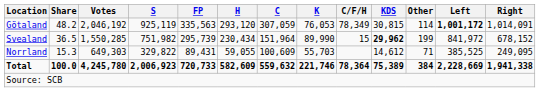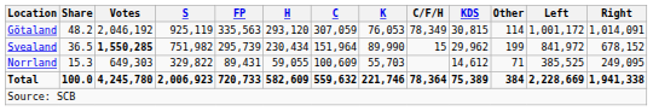 <table class="wikitable sortable" style=text-align:right>
 <tr>
 <th>Location</th>
 <th>Share</th>
 <th>Votes</th>
 <th><a href='#'>S</a></th>
 <th><a href='#'>FP</a></th>
 <th><a href='#'>H</a></th>
 <th><a href='#'>C</a></th>
 <th><a href='#'>K</a></th>
 <th>C/F/H</th>
 <th><a href='#'>KDS</a></th>
 <th>Other</th>
 <th>Left</th>
 <th>Right</th>
 </tr>
 <tr>
 <td align=left><a href='#'>Götaland</a></td>
 <td>48.2</td>
 <td>2,046,192</td>
 <td>925,119</td>
 <td>335,563</td>
 <td>293,120</td>
 <td>307,059</td>
 <td>76,053</td>
 <td>78,349</td>
 <td>30,815</td>
 <td>114</td>
-<td><strong>1,001,172</strong></td>
+<td>1,001,172</td>
 <td>1,014,091</td>
 </tr>
 <tr>
 <td align=left><a href='#'>Svealand</a></td>
 <td>36.5</td>
-<td>1,550,285</td>
+<td><strong>1,550,285</strong></td>
 <td>751,982</td>
 <td>295,739</td>
 <td>230,434</td>
 <td>151,964</td>
 <td>89,990</td>
 <td>15</td>
-<td><strong>29,962</strong></td>
+<td>29,962</td>
 <td>199</td>
 <td>841,972</td>
 <td>678,152</td>
 </tr>
 <tr>
 <td align=left><a href='#'>Norrland</a></td>
 <td>15.3</td>
 <td>649,303</td>
 <td>329,822</td>
 <td>89,431</td>
 <td>59,055</td>
 <td>100,609</td>
 <td>55,703</td>
 <td></td>
 <td>14,612</td>
 <td>71</td>
 <td>385,525</td>
 <td>249,095</td>
 </tr>
 <tr>
 <td align=left><strong>Total</strong></td>
 <td><strong>100.0</strong></td>
 <td><strong>4,245,780</strong></td>
 <td><strong>2,006,923</strong></td>
 <td><strong>720,733</strong></td>
 <td><strong>582,609</strong></td>
 <td><strong>559,632</strong></td>
 <td><strong>221,746</strong></td>
 <td><strong>78,364</strong></td>
 <td><strong>75,389</strong></td>
 <td><strong>384</strong></td>
 <td><strong>2,228,669</strong></td>
 <td><strong>1,941,338</strong></td>
 </tr>
 <tr>
 <td align=left colspan=13>Source: SCB </td>
 </tr>
 </table>
